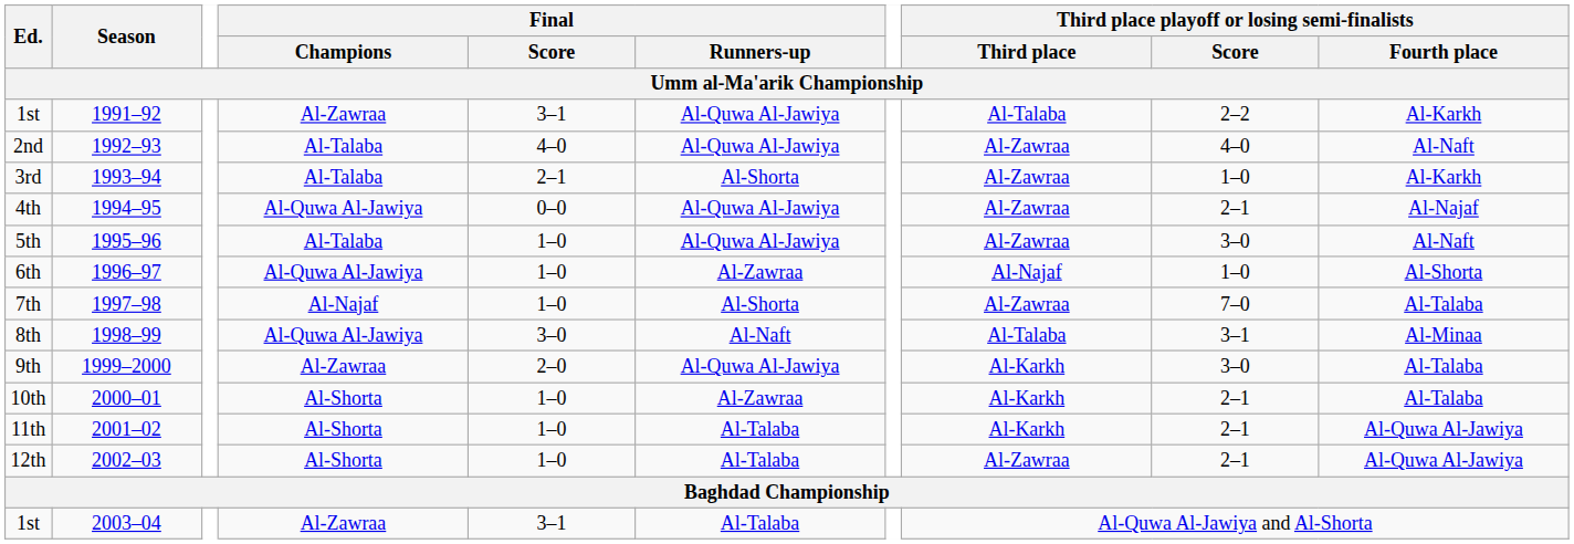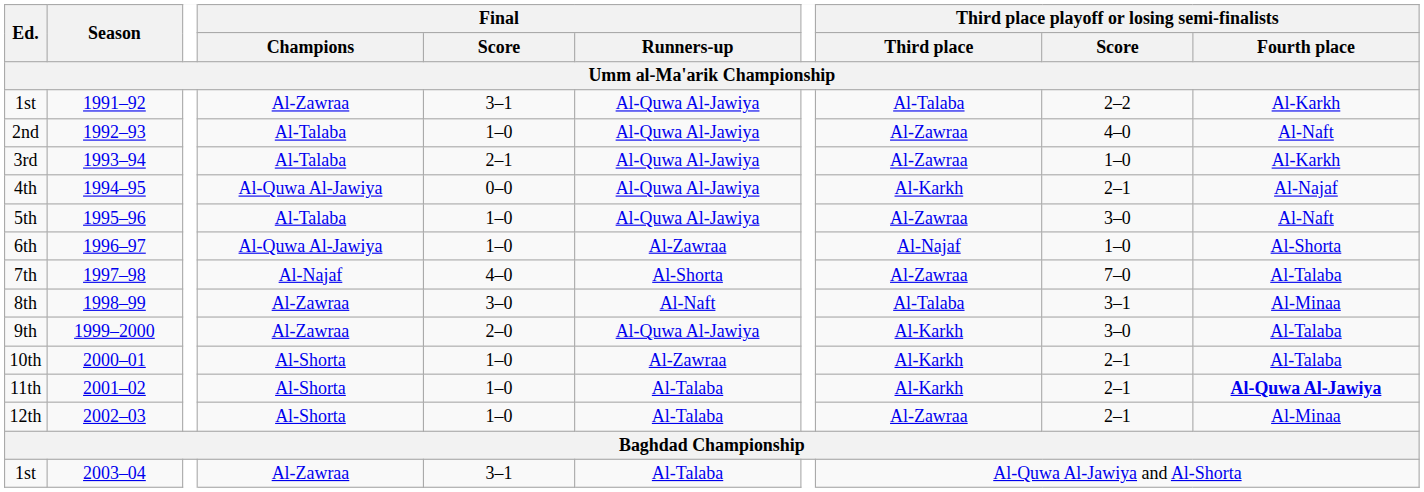 <table class="wikitable sortable" style="font-size:100%; text-align:center; width:100%;">
 <tr>
 <th rowspan="2" style="width:2%;">Ed.</th>
 <th rowspan="2" style="width:9%;">Season</th>
 <td width="1%" rowspan=2 style="background-color:#ffffff;border-top-style:hidden;"></td>
 <th colspan=3>Final</th>
 <td width="1%" rowspan=2 style="background-color:#ffffff;border-top-style:hidden;"></td>
 <th colspan=3>Third place playoff or losing semi-finalists</th>
 </tr>
 <tr>
 <th style="width:15%;">Champions</th>
 <th style="width:10%;">Score</th>
 <th style="width:15%;">Runners-up</th>
 <th style="width:15%;">Third place</th>
 <th style="width:10%;">Score</th>
 <th style="width:15%;">Fourth place</th>
 </tr>
 <tr>
 <th colspan=10>Umm al-Ma'arik Championship</th>
 </tr>
 <tr>
 <td>1st</td>
 <td><a href='#'>1991–92</a></td>
 <td width="1%" rowspan=12 style="background-color:#ffffff;"></td>
 <td><a href='#'>Al-Zawraa</a></td>
 <td>3–1 </td>
 <td><a href='#'>Al-Quwa Al-Jawiya</a></td>
 <td width="1%" rowspan=12 style="background-color:#ffffff;"></td>
 <td><a href='#'>Al-Talaba</a></td>
 <td>2–2 <br></td>
 <td><a href='#'>Al-Karkh</a></td>
 </tr>
 <tr>
 <td>2nd</td>
 <td><a href='#'>1992–93</a></td>
 <td><a href='#'>Al-Talaba</a></td>
-<td>4–0</td>
+<td>1–0 </td>
 <td><a href='#'>Al-Quwa Al-Jawiya</a></td>
 <td><a href='#'>Al-Zawraa</a></td>
 <td>4–0</td>
 <td><a href='#'>Al-Naft</a></td>
 </tr>
 <tr>
 <td>3rd</td>
 <td><a href='#'>1993–94</a></td>
 <td><a href='#'>Al-Talaba</a></td>
 <td>2–1</td>
-<td><a href='#'>Al-Shorta</a></td>
+<td><a href='#'>Al-Quwa Al-Jawiya</a></td>
 <td><a href='#'>Al-Zawraa</a></td>
 <td>1–0</td>
 <td><a href='#'>Al-Karkh</a></td>
 </tr>
 <tr>
 <td>4th</td>
 <td><a href='#'>1994–95</a></td>
 <td><a href='#'>Al-Quwa Al-Jawiya</a></td>
 <td>0–0 <br></td>
 <td><a href='#'>Al-Quwa Al-Jawiya</a></td>
-<td><a href='#'>Al-Zawraa</a></td>
+<td><a href='#'>Al-Karkh</a></td>
 <td>2–1</td>
 <td><a href='#'>Al-Najaf</a></td>
 </tr>
 <tr>
 <td>5th</td>
 <td><a href='#'>1995–96</a></td>
 <td><a href='#'>Al-Talaba</a></td>
 <td>1–0</td>
 <td><a href='#'>Al-Quwa Al-Jawiya</a></td>
 <td><a href='#'>Al-Zawraa</a></td>
 <td>3–0</td>
 <td><a href='#'>Al-Naft</a></td>
 </tr>
 <tr>
 <td>6th</td>
 <td><a href='#'>1996–97</a></td>
 <td><a href='#'>Al-Quwa Al-Jawiya</a></td>
 <td>1–0 </td>
 <td><a href='#'>Al-Zawraa</a></td>
 <td><a href='#'>Al-Najaf</a></td>
 <td>1–0</td>
 <td><a href='#'>Al-Shorta</a></td>
 </tr>
 <tr>
 <td>7th</td>
 <td><a href='#'>1997–98</a></td>
 <td><a href='#'>Al-Najaf</a></td>
-<td>1–0 </td>
+<td>4–0</td>
 <td><a href='#'>Al-Shorta</a></td>
 <td><a href='#'>Al-Zawraa</a></td>
 <td>7–0</td>
 <td><a href='#'>Al-Talaba</a></td>
 </tr>
 <tr>
 <td>8th</td>
 <td><a href='#'>1998–99</a></td>
-<td><a href='#'>Al-Quwa Al-Jawiya</a></td>
+<td><a href='#'>Al-Zawraa</a></td>
 <td>3–0</td>
 <td><a href='#'>Al-Naft</a></td>
 <td><a href='#'>Al-Talaba</a></td>
 <td>3–1</td>
 <td><a href='#'>Al-Minaa</a></td>
 </tr>
 <tr>
 <td>9th</td>
 <td><a href='#'>1999–2000</a></td>
 <td><a href='#'>Al-Zawraa</a></td>
 <td>2–0</td>
 <td><a href='#'>Al-Quwa Al-Jawiya</a></td>
 <td><a href='#'>Al-Karkh</a></td>
 <td>3–0</td>
 <td><a href='#'>Al-Talaba</a></td>
 </tr>
 <tr>
 <td>10th</td>
 <td><a href='#'>2000–01</a></td>
 <td><a href='#'>Al-Shorta</a></td>
 <td>1–0</td>
 <td><a href='#'>Al-Zawraa</a></td>
 <td><a href='#'>Al-Karkh</a></td>
 <td>2–1</td>
 <td><a href='#'>Al-Talaba</a></td>
 </tr>
 <tr>
 <td>11th</td>
 <td><a href='#'>2001–02</a></td>
 <td><a href='#'>Al-Shorta</a></td>
 <td>1–0 </td>
 <td><a href='#'>Al-Talaba</a></td>
 <td><a href='#'>Al-Karkh</a></td>
 <td>2–1</td>
-<td><a href='#'>Al-Quwa Al-Jawiya</a></td>
+<td><strong><a href='#'>Al-Quwa Al-Jawiya</a></strong></td>
 </tr>
 <tr>
 <td>12th</td>
 <td><a href='#'>2002–03</a></td>
 <td><a href='#'>Al-Shorta</a></td>
 <td>1–0</td>
 <td><a href='#'>Al-Talaba</a></td>
 <td><a href='#'>Al-Zawraa</a></td>
 <td>2–1</td>
-<td><a href='#'>Al-Quwa Al-Jawiya</a></td>
+<td><a href='#'>Al-Minaa</a></td>
 </tr>
 <tr>
 <th colspan=10>Baghdad Championship</th>
 </tr>
 <tr>
 <td>1st</td>
 <td><a href='#'>2003–04</a></td>
 <td width="1%" style="background-color:#ffffff;border-bottom-style:hidden;"></td>
 <td><a href='#'>Al-Zawraa</a></td>
 <td>3–1 </td>
 <td><a href='#'>Al-Talaba</a></td>
 <td width="1%" style="background-color:#ffffff;border-bottom-style:hidden;"></td>
 <td colspan=3><a href='#'>Al-Quwa Al-Jawiya</a> and <a href='#'>Al-Shorta</a></td>
 </tr>
 </table>
